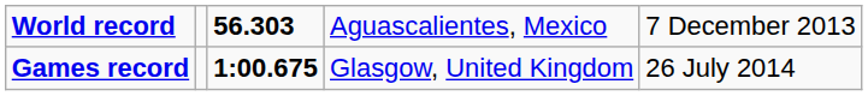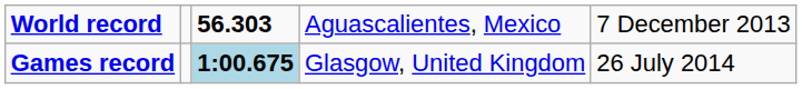 <table class="wikitable">
 <tr>
 <td><a href='#'><strong>World record</strong></a></td>
 <td></td>
 <td><strong>56.303</strong></td>
 <td><a href='#'>Aguascalientes</a>, <a href='#'>Mexico</a></td>
 <td>7 December 2013</td>
 </tr>
 <tr>
 <td><a href='#'><strong>Games record</strong></a></td>
 <td></td>
-<td><strong>1:00.675</strong></td>
+<td style="background: lightblue;"><strong>1:00.675</strong></td>
 <td><a href='#'>Glasgow</a>, <a href='#'>United Kingdom</a></td>
 <td>26 July 2014</td>
 </tr>
 </table>
